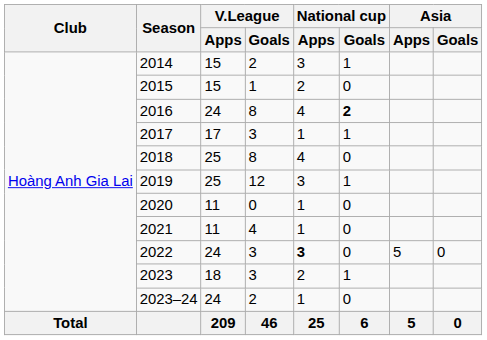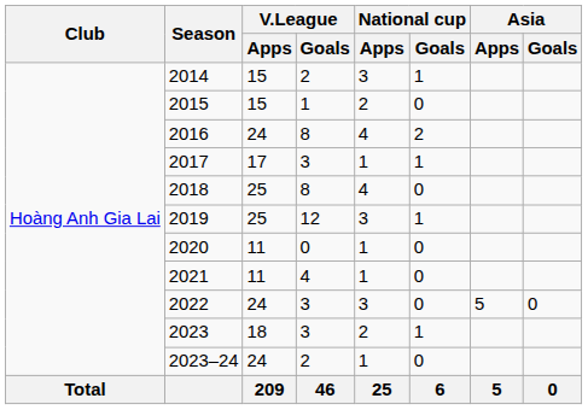 <table class="wikitable">
 <tr>
 <th rowspan="2">Club</th>
 <th rowspan="2">Season</th>
 <th colspan="2">V.League</th>
 <th colspan="2"><strong>National cup</strong></th>
 <th colspan="2"><strong>Asia</strong></th>
 </tr>
 <tr>
 <th>Apps</th>
 <th>Goals</th>
 <th>Apps</th>
 <th>Goals</th>
 <th>Apps</th>
 <th>Goals</th>
 </tr>
 <tr>
 <td rowspan="11"><a href='#'>Hoàng Anh Gia Lai</a></td>
 <td>2014</td>
 <td>15</td>
 <td>2</td>
 <td>3</td>
 <td>1</td>
 <td></td>
 <td></td>
 </tr>
 <tr>
 <td>2015</td>
 <td>15</td>
 <td>1</td>
 <td>2</td>
 <td>0</td>
 <td></td>
 <td></td>
 </tr>
 <tr>
 <td>2016</td>
 <td>24</td>
 <td>8</td>
 <td>4</td>
-<td><strong>2</strong></td>
+<td>2</td>
 <td></td>
 <td></td>
 </tr>
 <tr>
 <td>2017</td>
 <td>17</td>
 <td>3</td>
 <td>1</td>
 <td>1</td>
 <td></td>
 <td></td>
 </tr>
 <tr>
 <td>2018</td>
 <td>25</td>
 <td>8</td>
 <td>4</td>
 <td>0</td>
 <td></td>
 <td></td>
 </tr>
 <tr>
 <td>2019</td>
 <td>25</td>
 <td>12</td>
 <td>3</td>
 <td>1</td>
 <td></td>
 <td></td>
 </tr>
 <tr>
 <td>2020</td>
 <td>11</td>
 <td>0</td>
 <td>1</td>
 <td>0</td>
 <td></td>
 <td></td>
 </tr>
 <tr>
 <td>2021</td>
 <td>11</td>
 <td>4</td>
 <td>1</td>
 <td>0</td>
 <td></td>
 <td></td>
 </tr>
 <tr>
 <td>2022</td>
 <td>24</td>
 <td>3</td>
-<td><strong>3</strong></td>
+<td>3</td>
 <td>0</td>
 <td>5</td>
 <td>0</td>
 </tr>
 <tr>
 <td>2023</td>
 <td>18</td>
 <td>3</td>
 <td>2</td>
 <td>1</td>
 <td></td>
 <td></td>
 </tr>
 <tr>
 <td>2023–24</td>
 <td>24</td>
 <td>2</td>
 <td>1</td>
 <td>0</td>
 <td></td>
 <td></td>
 </tr>
 <tr>
 <th><strong>Total</strong></th>
 <th></th>
 <th>209</th>
 <th>46</th>
 <th>25</th>
 <th>6</th>
 <th>5</th>
 <th>0</th>
 </tr>
 </table>
